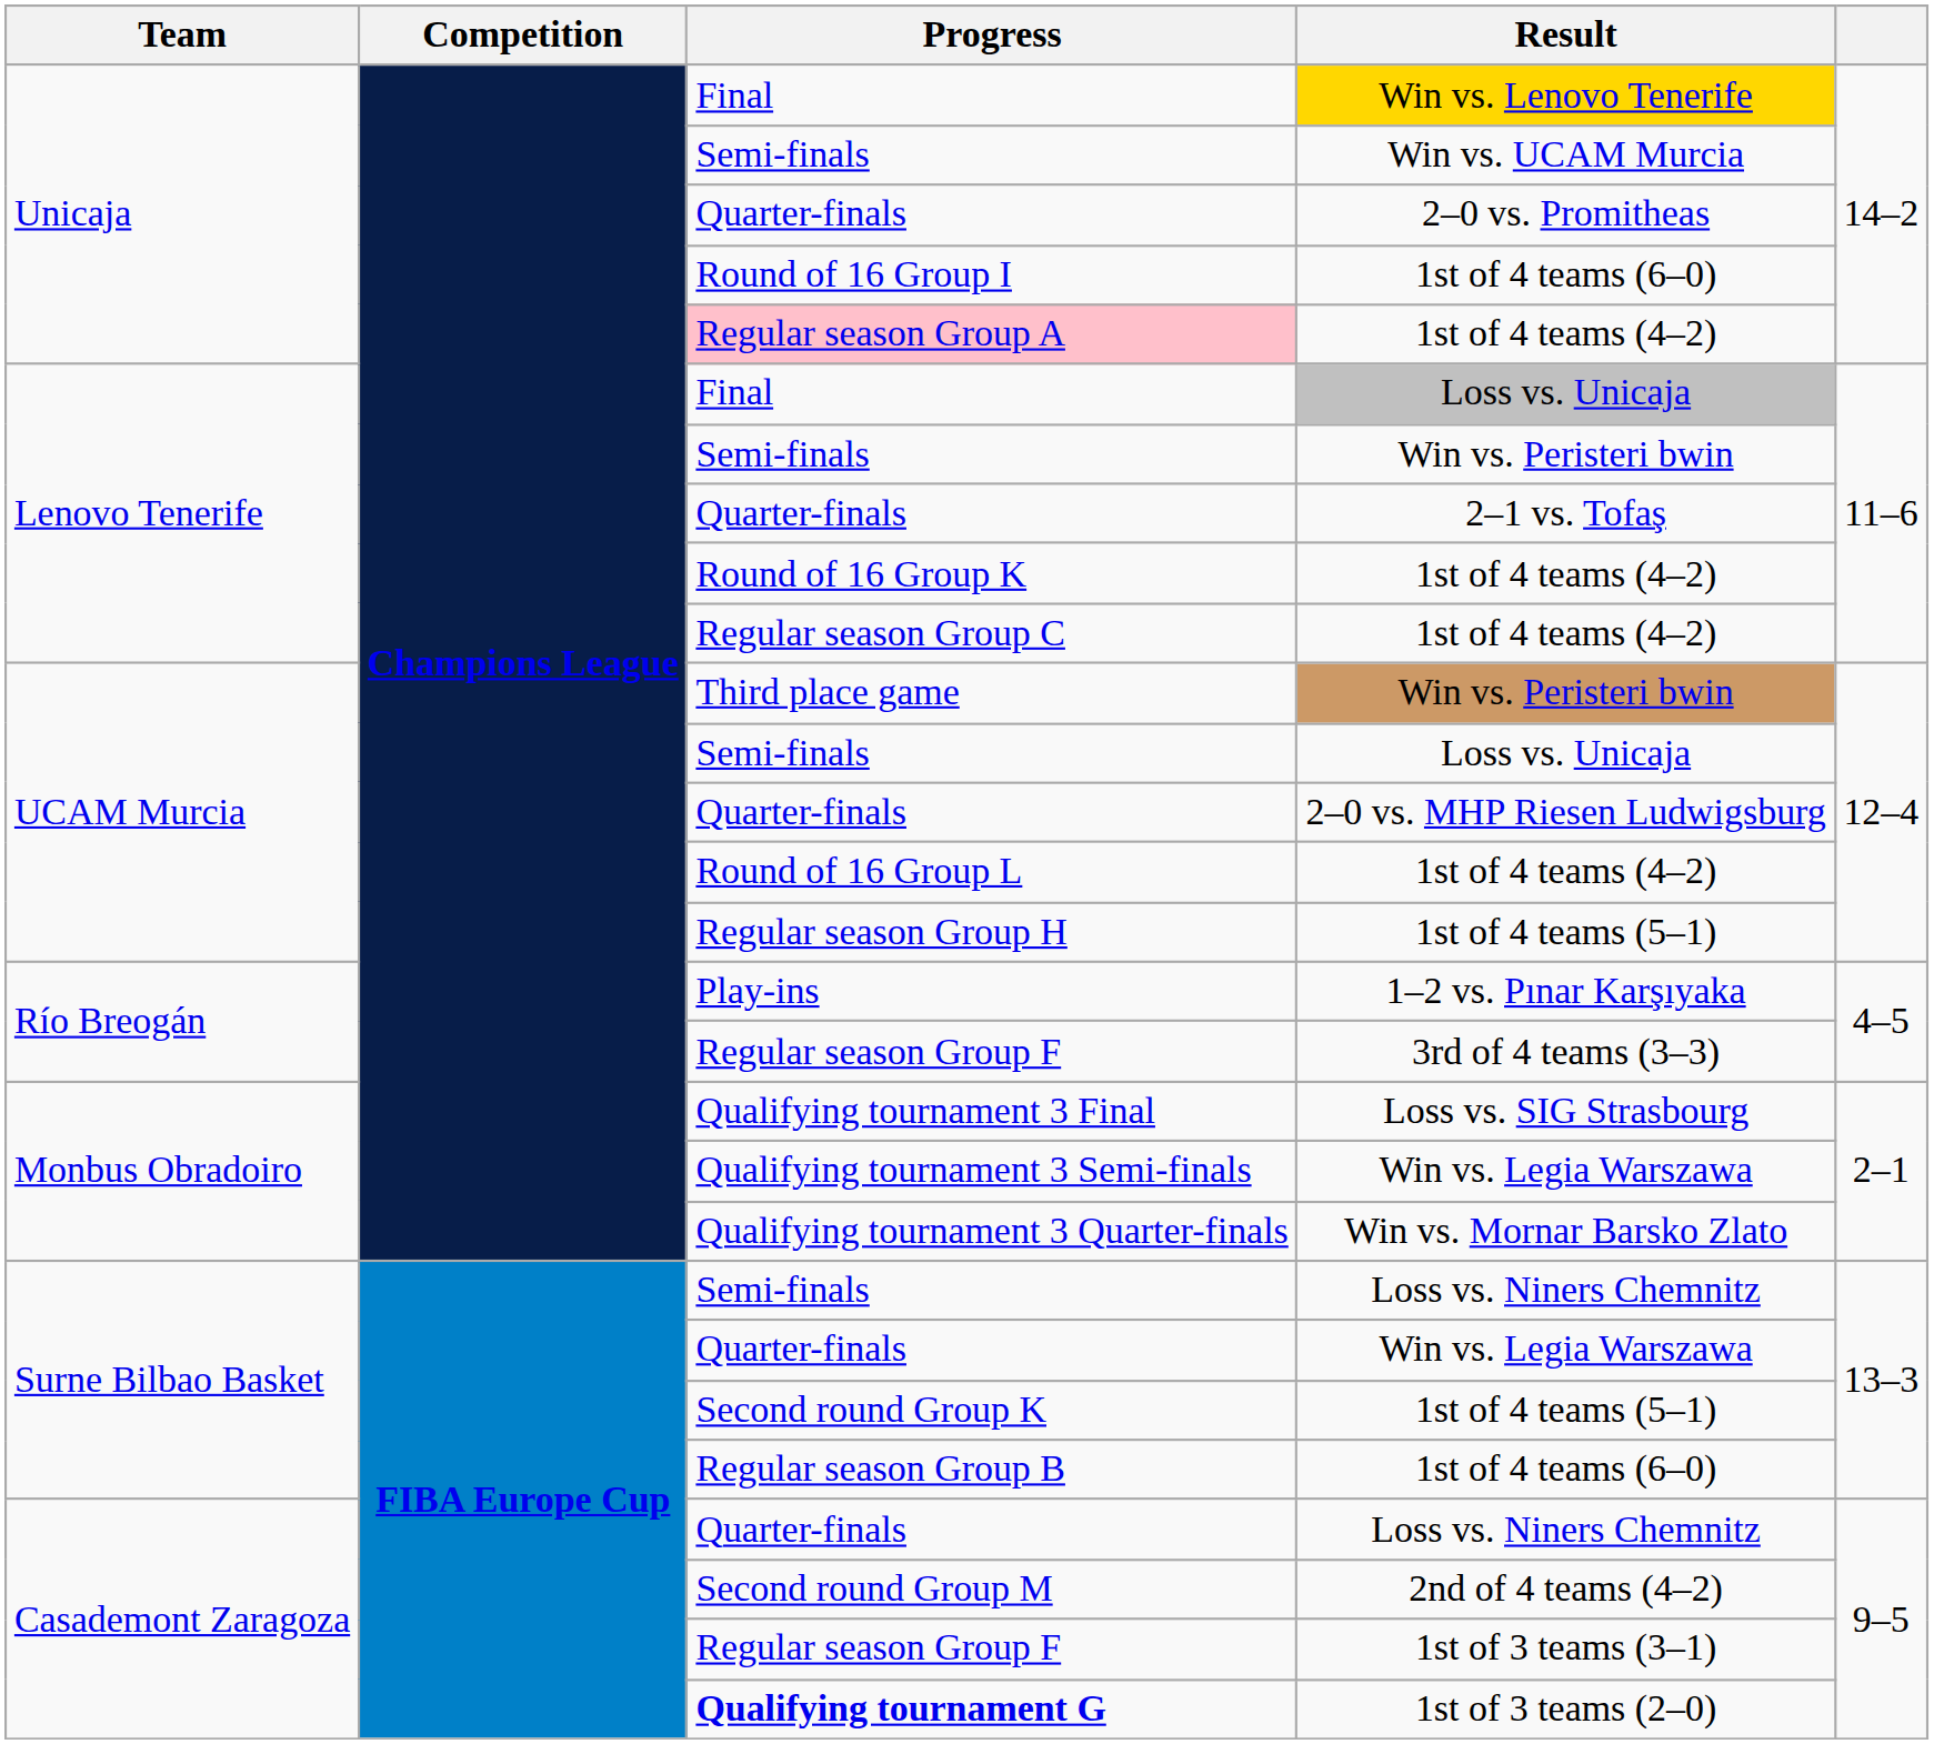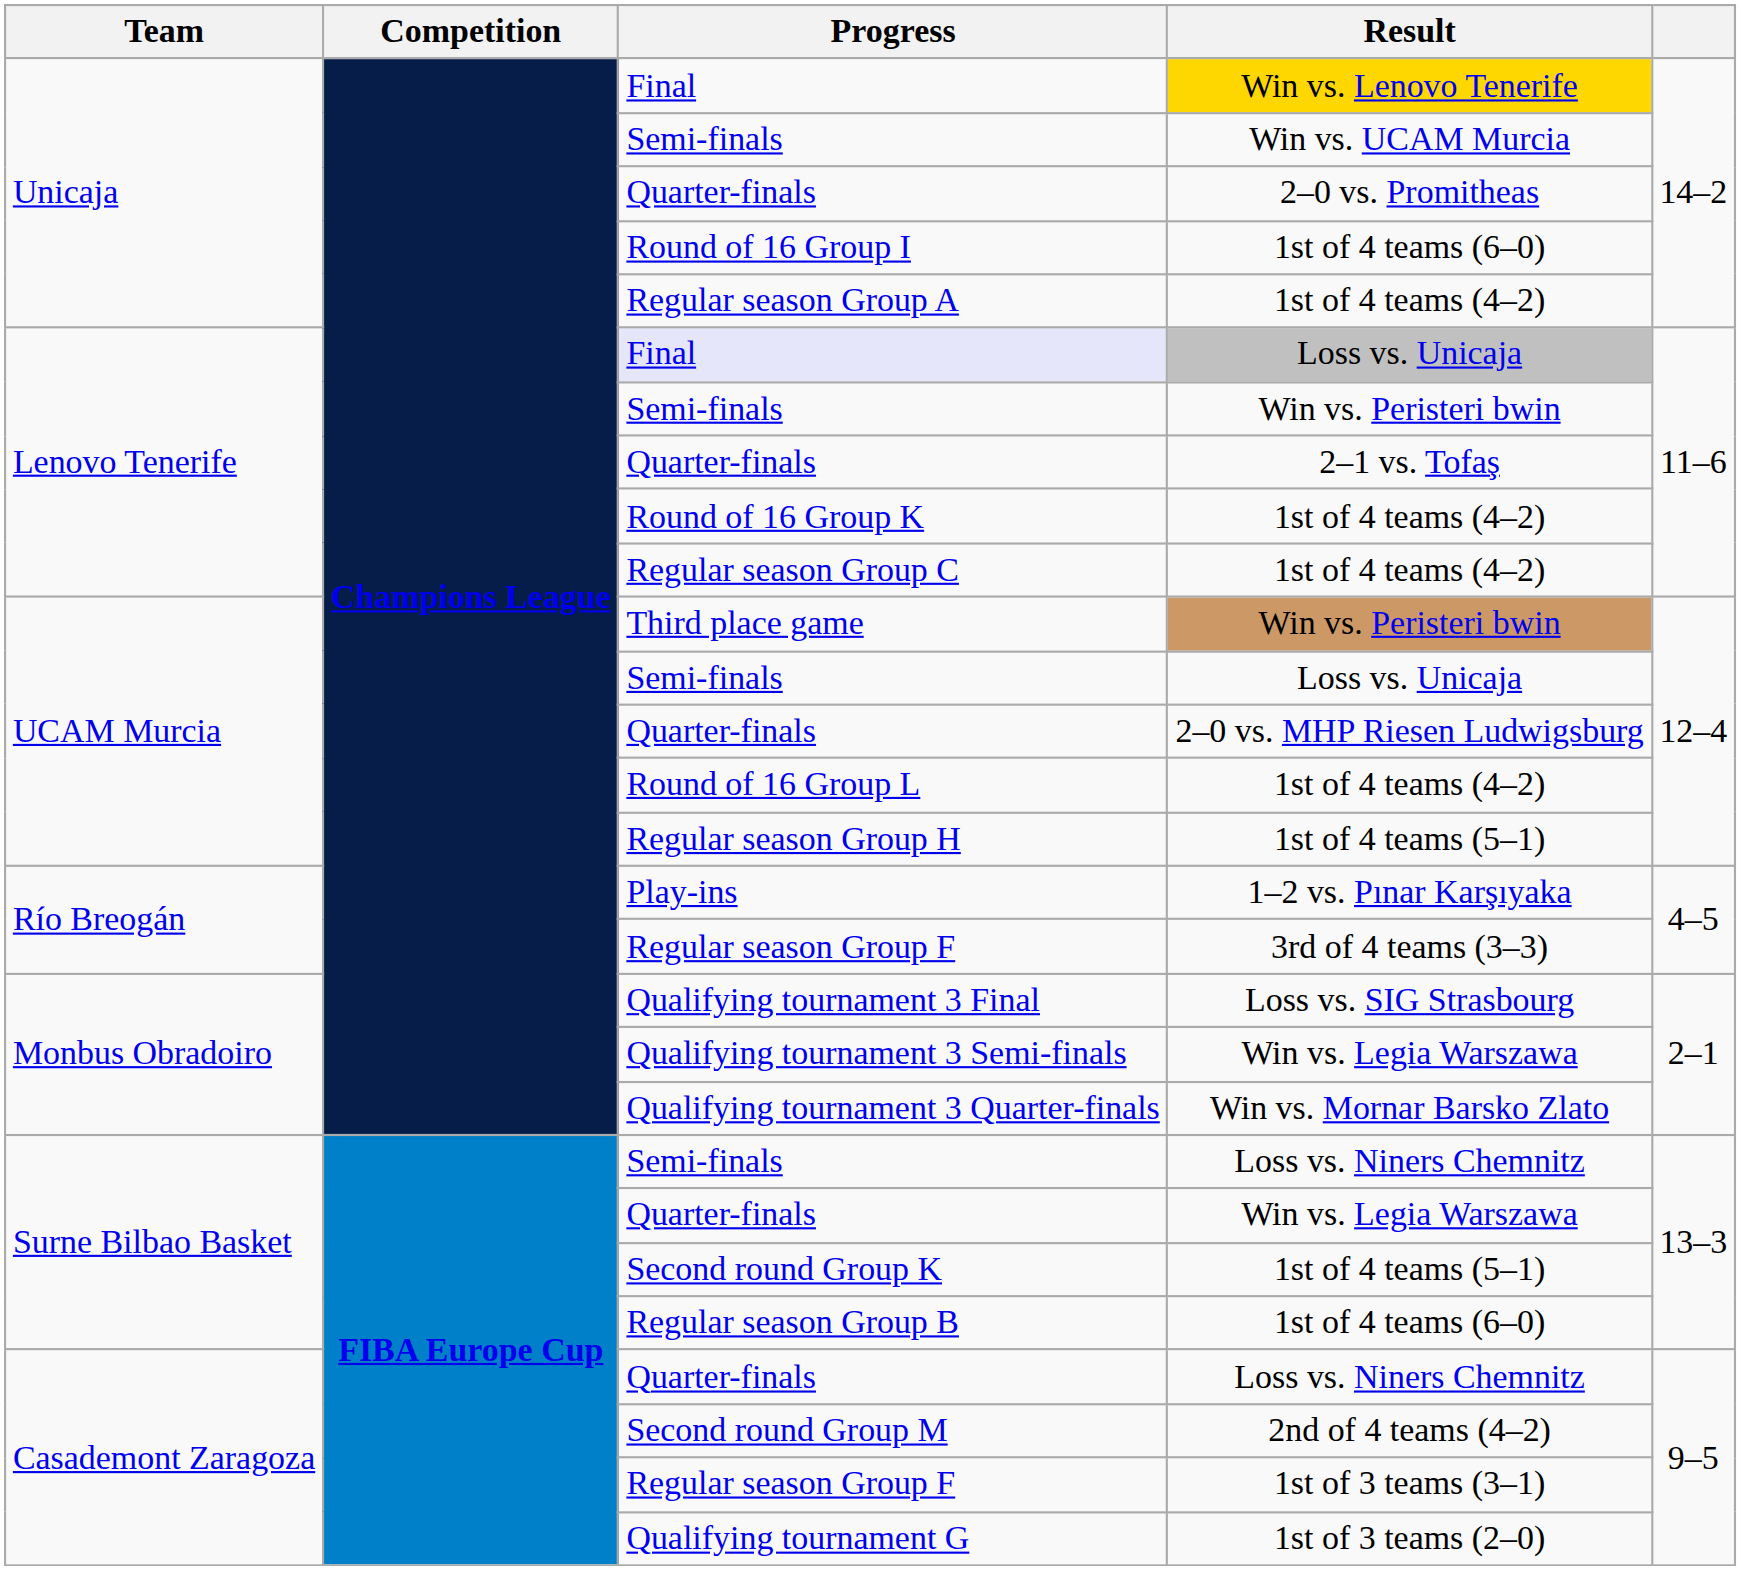 <table class="wikitable sortable">
 <tr>
 <th>Team</th>
 <th>Competition</th>
 <th>Progress</th>
 <th>Result</th>
 <th></th>
 </tr>
 <tr>
 <td rowspan="5"><a href='#'>Unicaja</a></td>
 <td rowspan="20" style="background-color:#071D49;color:#D0D3D4;text-align:center"><strong><a href='#'><span>Champions League</span></a></strong></td>
 <td><a href='#'>Final</a></td>
 <td style="background-color:#FFD700;text-align:center">Win vs.  <a href='#'>Lenovo Tenerife</a></td>
 <td rowspan="5" style="text-align:center">14–2</td>
 </tr>
 <tr>
 <td><a href='#'>Semi-finals</a></td>
 <td style="text-align:center">Win vs.  <a href='#'>UCAM Murcia</a></td>
 </tr>
 <tr>
 <td><a href='#'>Quarter-finals</a></td>
 <td style="text-align:center">2–0 vs.  <a href='#'>Promitheas</a></td>
 </tr>
 <tr>
 <td><a href='#'>Round of 16 Group I</a></td>
 <td style="text-align:center">1st of 4 teams (6–0)</td>
 </tr>
 <tr>
-<td style="background: pink;"><a href='#'>Regular season Group A</a></td>
+<td><a href='#'>Regular season Group A</a></td>
 <td style="text-align:center">1st of 4 teams (4–2)</td>
 </tr>
 <tr>
 <td rowspan="5"><a href='#'>Lenovo Tenerife</a></td>
-<td><a href='#'>Final</a></td>
+<td style="background: lavender;"><a href='#'>Final</a></td>
 <td style="background:#C0C0C0;text-align:center">Loss vs.  <a href='#'>Unicaja</a></td>
 <td rowspan="5" style="text-align:center">11–6</td>
 </tr>
 <tr>
 <td><a href='#'>Semi-finals</a></td>
 <td style="text-align:center">Win vs.  <a href='#'>Peristeri bwin</a></td>
 </tr>
 <tr>
 <td><a href='#'>Quarter-finals</a></td>
 <td style="text-align:center">2–1 vs.  <a href='#'>Tofaş</a></td>
 </tr>
 <tr>
 <td><a href='#'>Round of 16 Group K</a></td>
 <td style="text-align:center">1st of 4 teams (4–2)</td>
 </tr>
 <tr>
 <td><a href='#'>Regular season Group C</a></td>
 <td style="text-align:center">1st of 4 teams (4–2)</td>
 </tr>
 <tr>
 <td rowspan="5"><a href='#'>UCAM Murcia</a></td>
 <td><a href='#'>Third place game</a></td>
 <td style="background-color:#CC9966;text-align:center">Win vs.  <a href='#'>Peristeri bwin</a></td>
 <td rowspan="5" style="text-align:center">12–4</td>
 </tr>
 <tr>
 <td><a href='#'>Semi-finals</a></td>
 <td style="text-align:center">Loss vs.  <a href='#'>Unicaja</a></td>
 </tr>
 <tr>
 <td><a href='#'>Quarter-finals</a></td>
 <td style="text-align:center">2–0 vs.  <a href='#'>MHP Riesen Ludwigsburg</a></td>
 </tr>
 <tr>
 <td><a href='#'>Round of 16 Group L</a></td>
 <td style="text-align:center">1st of 4 teams (4–2)</td>
 </tr>
 <tr>
 <td><a href='#'>Regular season Group H</a></td>
 <td style="text-align:center">1st of 4 teams (5–1)</td>
 </tr>
 <tr>
 <td rowspan="2"><a href='#'>Río Breogán</a></td>
 <td><a href='#'>Play-ins</a></td>
 <td style="text-align:center">1–2 vs.  <a href='#'>Pınar Karşıyaka</a></td>
 <td rowspan="2" style="text-align:center">4–5</td>
 </tr>
 <tr>
 <td><a href='#'>Regular season Group F</a></td>
 <td style="text-align:center">3rd of 4 teams (3–3)</td>
 </tr>
 <tr>
 <td rowspan="3"><a href='#'>Monbus Obradoiro</a></td>
 <td><a href='#'>Qualifying tournament 3 Final</a></td>
 <td style="text-align:center">Loss vs.  <a href='#'>SIG Strasbourg</a></td>
 <td rowspan="3" style="text-align:center">2–1</td>
 </tr>
 <tr>
 <td><a href='#'>Qualifying tournament 3 Semi-finals</a></td>
 <td style="text-align:center">Win vs.  <a href='#'>Legia Warszawa</a></td>
 </tr>
 <tr>
 <td><a href='#'>Qualifying tournament 3 Quarter-finals</a></td>
 <td style="text-align:center">Win vs.  <a href='#'>Mornar Barsko Zlato</a></td>
 </tr>
 <tr>
 <td rowspan="4"><a href='#'>Surne Bilbao Basket</a></td>
 <td rowspan="8" style="background-color:#0080C8;color:#FFFFFF;text-align:center"><strong><a href='#'><span>FIBA Europe Cup</span></a></strong></td>
 <td><a href='#'>Semi-finals</a></td>
 <td style="text-align:center">Loss vs.  <a href='#'>Niners Chemnitz</a></td>
 <td rowspan="4" style="text-align:center">13–3</td>
 </tr>
 <tr>
 <td><a href='#'>Quarter-finals</a></td>
 <td style="text-align:center">Win vs.  <a href='#'>Legia Warszawa</a></td>
 </tr>
 <tr>
 <td><a href='#'>Second round Group K</a></td>
 <td style="text-align:center">1st of 4 teams (5–1)</td>
 </tr>
 <tr>
 <td><a href='#'>Regular season Group B</a></td>
 <td style="text-align:center">1st of 4 teams (6–0)</td>
 </tr>
 <tr>
 <td rowspan="4"><a href='#'>Casademont Zaragoza</a></td>
 <td><a href='#'>Quarter-finals</a></td>
 <td style="text-align:center">Loss vs.  <a href='#'>Niners Chemnitz</a></td>
 <td rowspan="4" style="text-align:center">9–5</td>
 </tr>
 <tr>
 <td><a href='#'>Second round Group M</a></td>
 <td style="text-align:center">2nd of 4 teams (4–2)</td>
 </tr>
 <tr>
 <td><a href='#'>Regular season Group F</a></td>
 <td style="text-align:center">1st of 3 teams (3–1)</td>
 </tr>
 <tr>
-<td><strong><a href='#'>Qualifying tournament G</a></strong></td>
+<td><a href='#'>Qualifying tournament G</a></td>
 <td style="text-align:center">1st of 3 teams (2–0)</td>
 </tr>
 </table>
